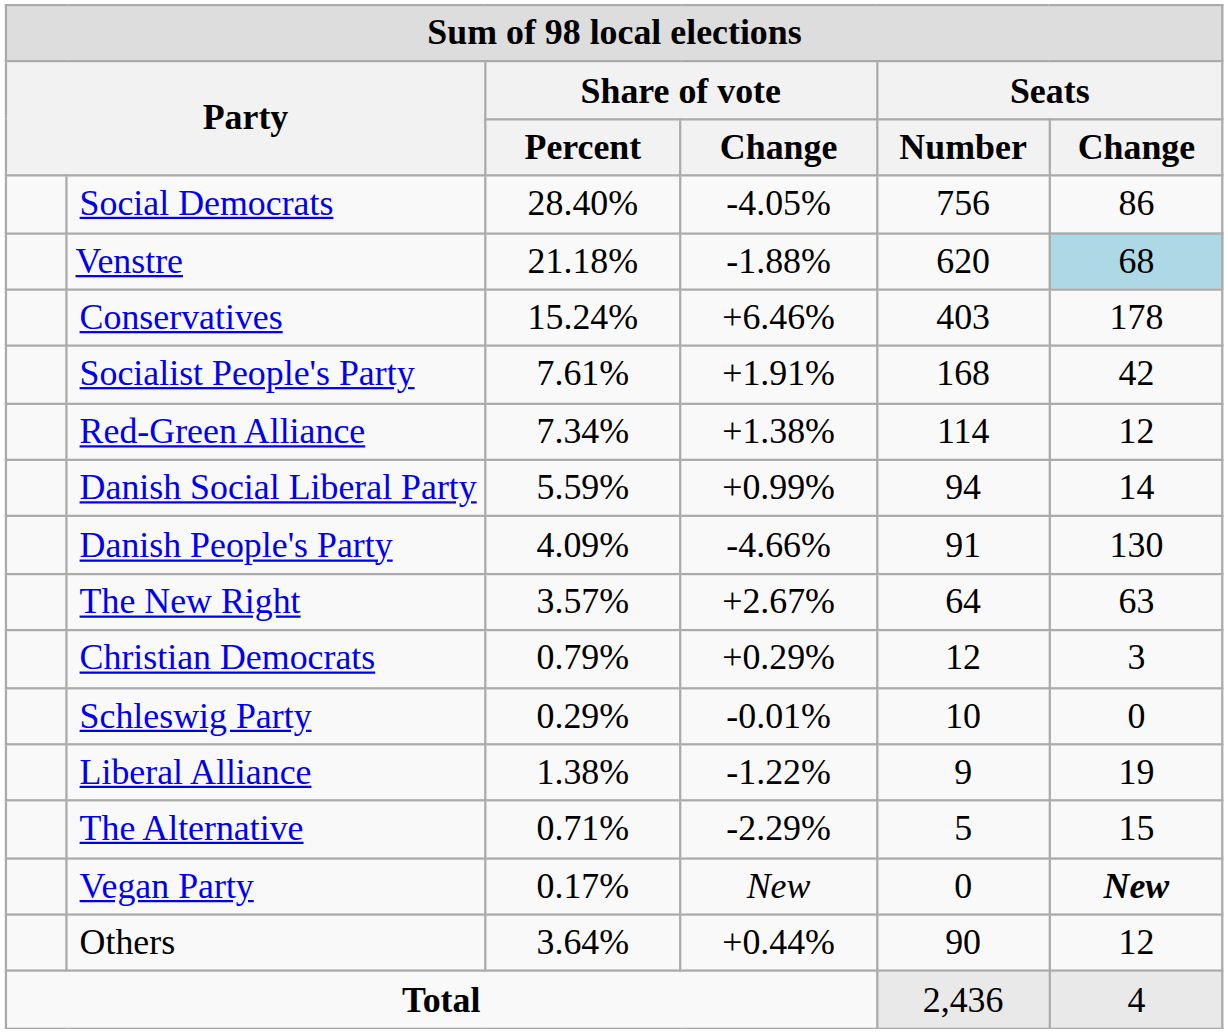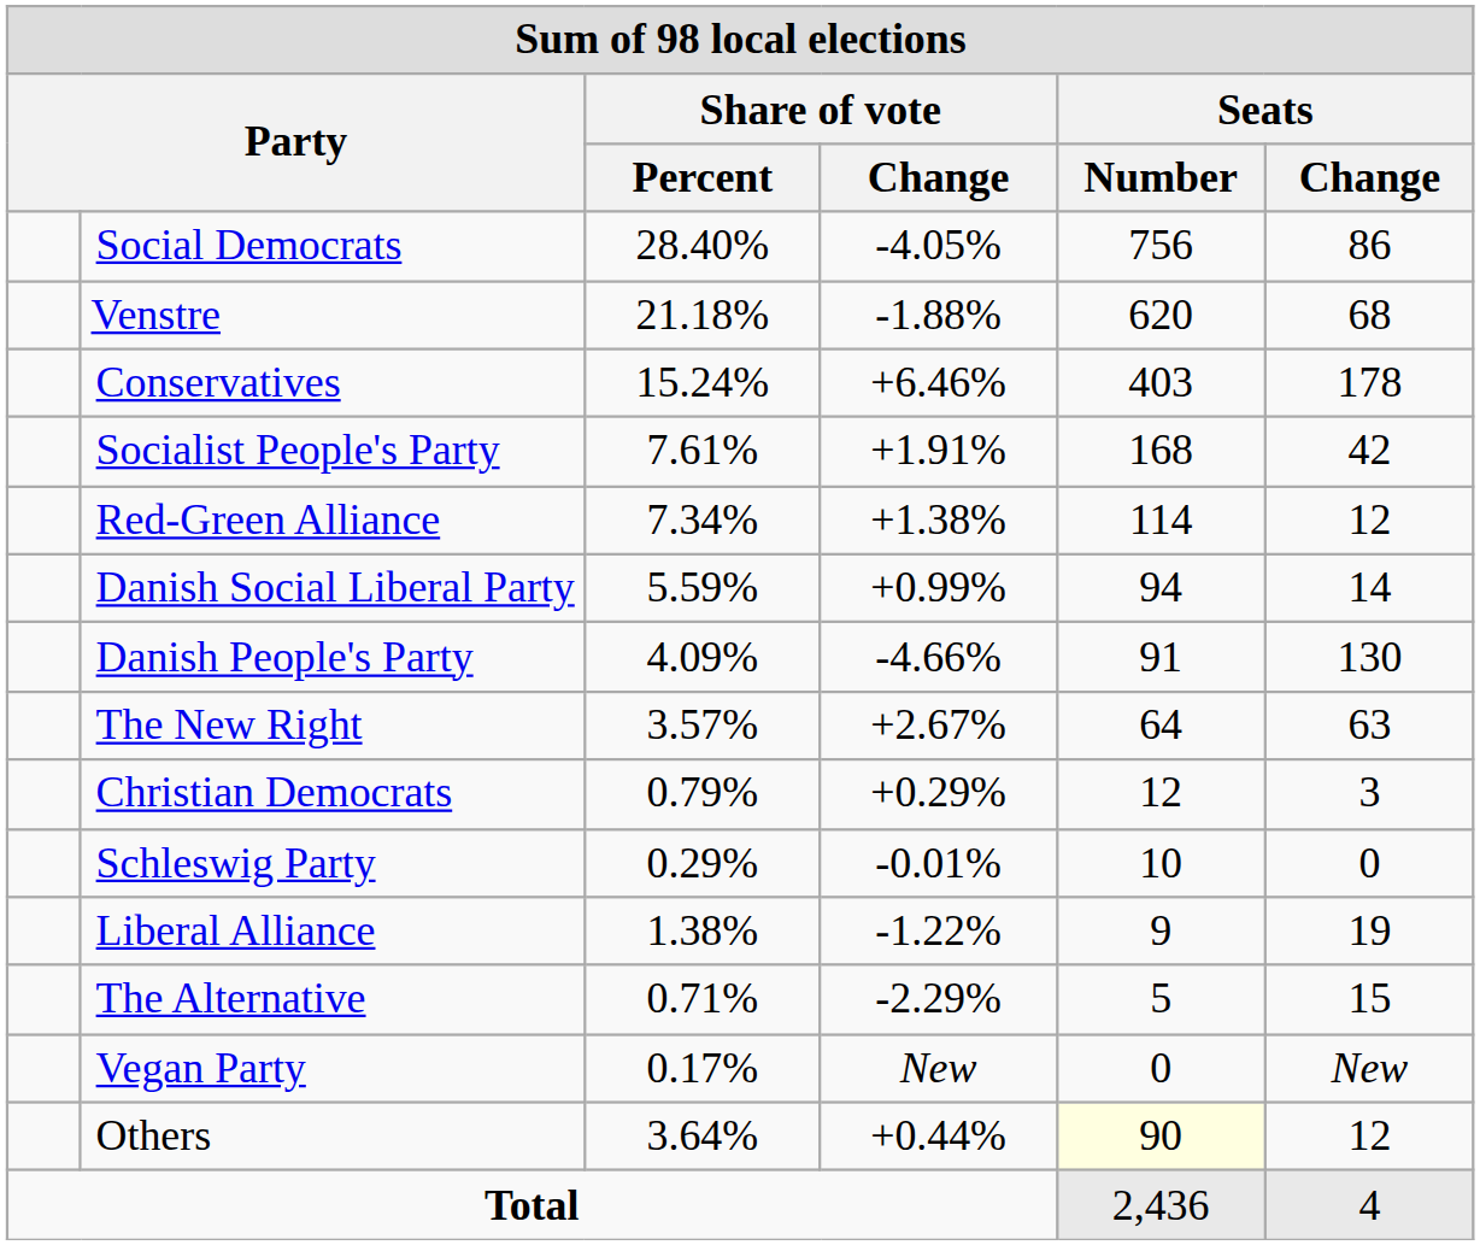 <table class="wikitable" style="margin-left:1em;">
 <tr>
 <th colspan="6" style="background:#dddddd; text-align:center;">Sum of 98 local elections</th>
 </tr>
 <tr>
 <th rowspan="2" colspan="2">Party</th>
 <th colspan="2">Share of vote</th>
 <th colspan="2">Seats</th>
 </tr>
 <tr>
 <th style="width:80px;">Percent</th>
 <th style="width:80px;">Change</th>
 <th style="width:70px;">Number</th>
 <th style="width:70px;">Change</th>
 </tr>
 <tr>
 <td style="background:"></td>
 <td style="padding-left:5px;"><a href='#'>Social Democrats</a></td>
 <td style="text-align:center;">28.40%</td>
 <td style="text-align:center;">-4.05%</td>
 <td style="text-align:center;">756</td>
 <td style="text-align:center;"> 86</td>
 </tr>
 <tr>
 <td style="width:20px; background:"></td>
 <td style="width:200px padding-left:5px;"><a href='#'>Venstre</a></td>
 <td style="text-align:center;">21.18%</td>
 <td style="text-align:center;">-1.88%</td>
 <td style="text-align:center;">620</td>
-<td style="background: lightblue; text-align:center;"> 68</td>
+<td style="text-align:center;"> 68</td>
 </tr>
 <tr>
 <td style="background:"></td>
 <td style="padding-left:5px;"><a href='#'>Conservatives</a></td>
 <td style="text-align:center;">15.24%</td>
 <td style="text-align:center;">+6.46%</td>
 <td style="text-align:center;">403</td>
 <td style="text-align:center;"> 178</td>
 </tr>
 <tr>
 <td style="background:"></td>
 <td style="padding-left:5px;"><a href='#'>Socialist People's Party</a></td>
 <td style="text-align:center;">7.61%</td>
 <td style="text-align:center;">+1.91%</td>
 <td style="text-align:center;">168</td>
 <td style="text-align:center;"> 42</td>
 </tr>
 <tr>
 <td style="background:"></td>
 <td style="padding-left:5px;"><a href='#'>Red-Green Alliance</a></td>
 <td style="text-align:center;">7.34%</td>
 <td style="text-align:center;">+1.38%</td>
 <td style="text-align:center;">114</td>
 <td style="text-align:center;"> 12</td>
 </tr>
 <tr>
 <td style="background:"></td>
 <td style="padding-left:5px;"><a href='#'>Danish Social Liberal Party</a></td>
 <td style="text-align:center;">5.59%</td>
 <td style="text-align:center;">+0.99%</td>
 <td style="text-align:center;">94</td>
 <td style="text-align:center;"> 14</td>
 </tr>
 <tr>
 <td style="background:"></td>
 <td style="padding-left:5px;"><a href='#'>Danish People's Party</a></td>
 <td style="text-align:center;">4.09%</td>
 <td style="text-align:center;">-4.66%</td>
 <td style="text-align:center;">91</td>
 <td style="text-align:center;"> 130</td>
 </tr>
 <tr>
 <td style="background:"></td>
 <td style="padding-left:5px;"><a href='#'>The New Right</a></td>
 <td style="text-align:center;">3.57%</td>
 <td style="text-align:center;">+2.67%</td>
 <td style="text-align:center;">64</td>
 <td style="text-align:center;"> 63</td>
 </tr>
 <tr>
 <td style="background:"></td>
 <td style="padding-left:5px;"><a href='#'>Christian Democrats</a></td>
 <td style="text-align:center;">0.79%</td>
 <td style="text-align:center;">+0.29%</td>
 <td style="text-align:center;">12</td>
 <td style="text-align:center;"> 3</td>
 </tr>
 <tr>
 <td style="background:"></td>
 <td style="padding-left:5px;"><a href='#'>Schleswig Party</a></td>
 <td style="text-align:center;">0.29%</td>
 <td style="text-align:center;">-0.01%</td>
 <td style="text-align:center;">10</td>
 <td style="text-align:center;"> 0</td>
 </tr>
 <tr>
 <td style="background:"></td>
 <td style="padding-left:5px;"><a href='#'>Liberal Alliance</a></td>
 <td style="text-align:center;">1.38%</td>
 <td style="text-align:center;">-1.22%</td>
 <td style="text-align:center;">9</td>
 <td style="text-align:center;"> 19</td>
 </tr>
 <tr>
 <td style="background:"></td>
 <td style="padding-left:5px;"><a href='#'>The Alternative</a></td>
 <td style="text-align:center;">0.71%</td>
 <td style="text-align:center;">-2.29%</td>
 <td style="text-align:center;">5</td>
 <td style="text-align:center;"> 15</td>
 </tr>
 <tr>
 <td style="background:"></td>
 <td style="padding-left:5px;"><a href='#'>Vegan Party</a></td>
 <td style="text-align:center;">0.17%</td>
 <td style="text-align:center;"><em>New</em></td>
 <td style="text-align:center;">0</td>
-<td style="text-align:center;"><strong><em>New</em></strong></td>
+<td style="text-align:center;"><em>New</em></td>
 </tr>
 <tr>
 <td style="background:"></td>
 <td style="padding-left:5px;">Others</td>
 <td style="text-align:center;">3.64%</td>
 <td style="text-align:center;">+0.44%</td>
-<td style="text-align:center;">90</td>
+<td style="background: lightyellow; text-align:center;">90</td>
 <td style="text-align:center;"> 12</td>
 </tr>
 <tr>
 <td style="text-align:center;" style="background-color:#E9E9E9" colspan="4"><strong>Total</strong></td>
 <td style="text-align:center; background-color:#E9E9E9">2,436</td>
 <td style="text-align:center; background-color:#E9E9E9">4</td>
 </tr>
 </table>
